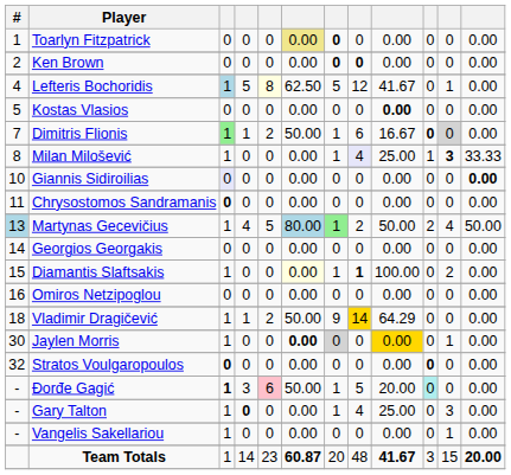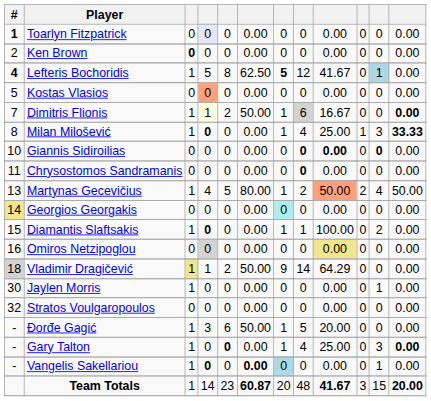 <table class="wikitable sortable" style="font-size:90%; text-align:center;">
 <tr>
 <th>#</th>
 <th>Player</th>
 <th></th>
 <th></th>
 <th></th>
 <th></th>
 <th></th>
 <th></th>
 <th></th>
 <th></th>
 <th></th>
 <th></th>
 </tr>
 <tr>
-<td>1</td>
+<td><strong>1</strong></td>
 <td align="left"> <a href='#'>Toarlyn Fitzpatrick</a></td>
 <td>0</td>
+<td style="background: lavender;">0</td>
 <td>0</td>
+<td>0.00</td>
 <td>0</td>
-<td style="background: khaki;">0.00</td>
-<td><strong>0</strong></td>
 <td>0</td>
 <td>0.00</td>
 <td>0</td>
 <td>0</td>
 <td>0.00</td>
 </tr>
 <tr>
 </tr>
 <tr>
 <td>2</td>
 <td align="left"> <a href='#'>Ken Brown</a></td>
-<td>0</td>
-<td>0</td>
-<td>0</td>
-<td>0.00</td>
-<td><strong>0</strong></td>
-<td><strong>0</strong></td>
-<td>0.00</td>
-<td>0</td>
-<td>0</td>
-<td>0.00</td>
-</tr>
-<tr>
-</tr>
-<tr>
-<td>4</td>
-<td align="left"> <a href='#'>Lefteris Bochoridis</a></td>
-<td style="background: lightblue;">1</td>
-<td>5</td>
-<td style="background: lightyellow;">8</td>
-<td>62.50</td>
-<td>5</td>
-<td>12</td>
-<td>41.67</td>
-<td>0</td>
-<td>1</td>
-<td>0.00</td>
-</tr>
-<tr>
-</tr>
-<tr>
-<td>5</td>
-<td align="left"> <a href='#'>Kostas Vlasios</a></td>
-<td>0</td>
-<td>0</td>
-<td>0</td>
-<td>0.00</td>
-<td>0</td>
-<td>0</td>
-<td><strong>0.00</strong></td>
-<td>0</td>
-<td>0</td>
-<td>0.00</td>
-</tr>
-<tr>
-</tr>
-<tr>
-<td>7</td>
-<td align="left"> <a href='#'>Dimitris Flionis</a></td>
-<td style="background: lightgreen;">1</td>
-<td>1</td>
-<td>2</td>
-<td>50.00</td>
-<td>1</td>
-<td>6</td>
-<td>16.67</td>
-<td><strong>0</strong></td>
-<td style="background: lightgrey;">0</td>
-<td>0.00</td>
-</tr>
-<tr>
-</tr>
-<tr>
-<td>8</td>
-<td align="left"> <a href='#'>Milan Milošević</a></td>
-<td>1</td>
-<td>0</td>
-<td>0</td>
-<td>0.00</td>
-<td>1</td>
-<td style="background: lavender;">4</td>
-<td>25.00</td>
-<td>1</td>
-<td><strong>3</strong></td>
-<td>33.33</td>
-</tr>
-<tr>
-</tr>
-<tr>
-<td>10</td>
-<td align="left"> <a href='#'>Giannis Sidiroilias</a></td>
-<td style="background: lavender;">0</td>
-<td>0</td>
-<td>0</td>
-<td>0.00</td>
-<td>0</td>
-<td>0</td>
-<td>0.00</td>
-<td>0</td>
-<td>0</td>
-<td><strong>0.00</strong></td>
-</tr>
-<tr>
-</tr>
-<tr>
-<td>11</td>
-<td align="left"> <a href='#'>Chrysostomos Sandramanis</a></td>
 <td><strong>0</strong></td>
 <td>0</td>
 <td>0</td>
 <td>0.00</td>
 <td>0</td>
 <td>0</td>
 <td>0.00</td>
 <td>0</td>
 <td>0</td>
 <td>0.00</td>
 </tr>
 <tr>
 </tr>
 <tr>
-<td style="background: lightblue;">13</td>
+<td><strong>4</strong></td>
+<td align="left"> <a href='#'>Lefteris Bochoridis</a></td>
+<td>1</td>
+<td>5</td>
+<td>8</td>
+<td>62.50</td>
+<td><strong>5</strong></td>
+<td>12</td>
+<td>41.67</td>
+<td>0</td>
+<td style="background: lightblue;">1</td>
+<td>0.00</td>
+</tr>
+<tr>
+</tr>
+<tr>
+<td>5</td>
+<td align="left"> <a href='#'>Kostas Vlasios</a></td>
+<td>0</td>
+<td style="background: lightsalmon;">0</td>
+<td>0</td>
+<td>0.00</td>
+<td>0</td>
+<td>0</td>
+<td>0.00</td>
+<td>0</td>
+<td>0</td>
+<td>0.00</td>
+</tr>
+<tr>
+</tr>
+<tr>
+<td>7</td>
+<td align="left"> <a href='#'>Dimitris Flionis</a></td>
+<td>1</td>
+<td style="background: lightyellow;">1</td>
+<td>2</td>
+<td>50.00</td>
+<td>1</td>
+<td style="background: lightgrey;">6</td>
+<td>16.67</td>
+<td>0</td>
+<td>0</td>
+<td><strong>0.00</strong></td>
+</tr>
+<tr>
+</tr>
+<tr>
+<td>8</td>
+<td align="left"> <a href='#'>Milan Milošević</a></td>
+<td>1</td>
+<td><strong>0</strong></td>
+<td>0</td>
+<td>0.00</td>
+<td>1</td>
+<td>4</td>
+<td>25.00</td>
+<td>1</td>
+<td>3</td>
+<td><strong>33.33</strong></td>
+</tr>
+<tr>
+</tr>
+<tr>
+<td>10</td>
+<td align="left"> <a href='#'>Giannis Sidiroilias</a></td>
+<td>0</td>
+<td>0</td>
+<td>0</td>
+<td>0.00</td>
+<td>0</td>
+<td><strong>0</strong></td>
+<td><strong>0.00</strong></td>
+<td>0</td>
+<td><strong>0</strong></td>
+<td>0.00</td>
+</tr>
+<tr>
+</tr>
+<tr>
+<td>11</td>
+<td align="left"> <a href='#'>Chrysostomos Sandramanis</a></td>
+<td>0</td>
+<td>0</td>
+<td>0</td>
+<td>0.00</td>
+<td>0</td>
+<td><strong>0</strong></td>
+<td>0.00</td>
+<td>0</td>
+<td>0</td>
+<td>0.00</td>
+</tr>
+<tr>
+</tr>
+<tr>
+<td>13</td>
 <td align="left"> <a href='#'>Martynas Gecevičius</a></td>
 <td>1</td>
 <td>4</td>
 <td>5</td>
-<td style="background: lightblue;">80.00</td>
-<td style="background: lightgreen;">1</td>
+<td>80.00</td>
+<td>1</td>
 <td>2</td>
-<td>50.00</td>
+<td style="background: lightsalmon;">50.00</td>
 <td>2</td>
 <td>4</td>
 <td>50.00</td>
 </tr>
 <tr>
 </tr>
 <tr>
+<td style="background: khaki;">14</td>
+<td align="left"> <a href='#'>Georgios Georgakis</a></td>
+<td>0</td>
+<td>0</td>
+<td>0</td>
+<td>0.00</td>
+<td style="background: paleturquoise;">0</td>
+<td>0</td>
+<td>0.00</td>
+<td>0</td>
+<td>0</td>
+<td>0.00</td>
+</tr>
+<tr>
+</tr>
+<tr>
+<td>15</td>
+<td align="left"> <a href='#'>Diamantis Slaftsakis</a></td>
+<td>1</td>
+<td><strong>0</strong></td>
+<td>0</td>
+<td>0.00</td>
+<td>1</td>
+<td>1</td>
+<td>100.00</td>
+<td>0</td>
+<td>2</td>
+<td>0.00</td>
+</tr>
+<tr>
+</tr>
+<tr>
+<td>16</td>
+<td align="left"> <a href='#'>Omiros Netzipoglou</a></td>
+<td>0</td>
+<td style="background: lightgrey;">0</td>
+<td>0</td>
+<td>0.00</td>
+<td>0</td>
+<td>0</td>
+<td style="background: khaki;">0.00</td>
+<td>0</td>
+<td>0</td>
+<td>0.00</td>
+</tr>
+<tr>
+</tr>
+<tr>
+<td style="background: lightgrey;">18</td>
+<td align="left"> <a href='#'>Vladimir Dragičević</a></td>
+<td style="background: khaki;">1</td>
+<td>1</td>
+<td>2</td>
+<td>50.00</td>
+<td>9</td>
 <td>14</td>
-<td align="left"> <a href='#'>Georgios Georgakis</a></td>
+<td>64.29</td>
+<td>0</td>
+<td>0</td>
+<td>0.00</td>
+</tr>
+<tr>
+</tr>
+<tr>
+<td>30</td>
+<td align="left"> <a href='#'>Jaylen Morris</a></td>
+<td>1</td>
+<td>0</td>
+<td>0</td>
+<td>0.00</td>
+<td>0</td>
+<td>0</td>
+<td>0.00</td>
+<td>0</td>
+<td>1</td>
+<td>0.00</td>
+</tr>
+<tr>
+</tr>
+<tr>
+<td>32</td>
+<td align="left"> <a href='#'>Stratos Voulgaropoulos</a></td>
 <td>0</td>
 <td>0</td>
 <td>0</td>
 <td>0.00</td>
 <td>0</td>
 <td>0</td>
 <td>0.00</td>
 <td>0</td>
 <td>0</td>
 <td>0.00</td>
 </tr>
 <tr>
 </tr>
 <tr>
-<td>15</td>
-<td align="left"> <a href='#'>Diamantis Slaftsakis</a></td>
-<td>1</td>
-<td>0</td>
-<td>0</td>
-<td style="background: lightyellow;">0.00</td>
-<td>1</td>
-<td><strong>1</strong></td>
-<td>100.00</td>
-<td>0</td>
-<td>2</td>
-<td>0.00</td>
-</tr>
-<tr>
-</tr>
-<tr>
-<td>16</td>
-<td align="left"> <a href='#'>Omiros Netzipoglou</a></td>
-<td>0</td>
-<td>0</td>
-<td>0</td>
-<td>0.00</td>
-<td>0</td>
-<td>0</td>
-<td>0.00</td>
-<td>0</td>
-<td>0</td>
-<td>0.00</td>
-</tr>
-<tr>
-</tr>
-<tr>
-<td>18</td>
-<td align="left"> <a href='#'>Vladimir Dragičević</a></td>
-<td>1</td>
-<td>1</td>
-<td>2</td>
-<td>50.00</td>
-<td>9</td>
-<td style="background: gold;">14</td>
-<td>64.29</td>
-<td>0</td>
-<td>0</td>
-<td>0.00</td>
-</tr>
-<tr>
-</tr>
-<tr>
-<td>30</td>
-<td align="left"> <a href='#'>Jaylen Morris</a></td>
-<td>1</td>
-<td>0</td>
-<td>0</td>
-<td><strong>0.00</strong></td>
-<td style="background: lightgrey;">0</td>
-<td>0</td>
-<td style="background: gold;">0.00</td>
-<td>0</td>
-<td>1</td>
-<td>0.00</td>
-</tr>
-<tr>
-</tr>
-<tr>
-<td>32</td>
-<td align="left"> <a href='#'>Stratos Voulgaropoulos</a></td>
-<td><strong>0</strong></td>
-<td>0</td>
-<td>0</td>
-<td>0.00</td>
-<td>0</td>
-<td>0</td>
-<td>0.00</td>
-<td><strong>0</strong></td>
-<td>0</td>
-<td>0.00</td>
-</tr>
-<tr>
-</tr>
-<tr>
 <td>-</td>
 <td align="left"> <a href='#'>Đorđe Gagić</a></td>
-<td><strong>1</strong></td>
+<td>1</td>
 <td>3</td>
-<td style="background: pink;">6</td>
+<td>6</td>
 <td>50.00</td>
 <td>1</td>
 <td>5</td>
 <td>20.00</td>
-<td style="background: paleturquoise;">0</td>
+<td>0</td>
 <td>0</td>
 <td>0.00</td>
 </tr>
 <tr>
 </tr>
 <tr>
 <td>-</td>
 <td align="left"> <a href='#'>Gary Talton</a></td>
 <td>1</td>
+<td>0</td>
 <td><strong>0</strong></td>
-<td>0</td>
 <td>0.00</td>
 <td>1</td>
 <td>4</td>
 <td>25.00</td>
 <td>0</td>
 <td>3</td>
-<td>0.00</td>
+<td><strong>0.00</strong></td>
 </tr>
 <tr>
 </tr>
 <tr>
 <td>-</td>
 <td align="left"> <a href='#'>Vangelis Sakellariou</a></td>
 <td>1</td>
+<td><strong>0</strong></td>
 <td>0</td>
-<td>0</td>
-<td>0.00</td>
-<td>0</td>
+<td><strong>0.00</strong></td>
+<td style="background: lightblue;">0</td>
 <td>0</td>
 <td>0.00</td>
 <td>0</td>
 <td>1</td>
 <td>0.00</td>
 </tr>
 <tr>
 </tr>
 <tr>
 <td></td>
 <td><strong>Team Totals</strong></td>
 <td>1</td>
 <td>14</td>
 <td>23</td>
 <td><strong>60.87</strong></td>
 <td>20</td>
 <td>48</td>
 <td><strong>41.67</strong></td>
 <td>3</td>
 <td>15</td>
 <td><strong>20.00</strong></td>
 </tr>
 <tr>
 </tr>
 </table>
